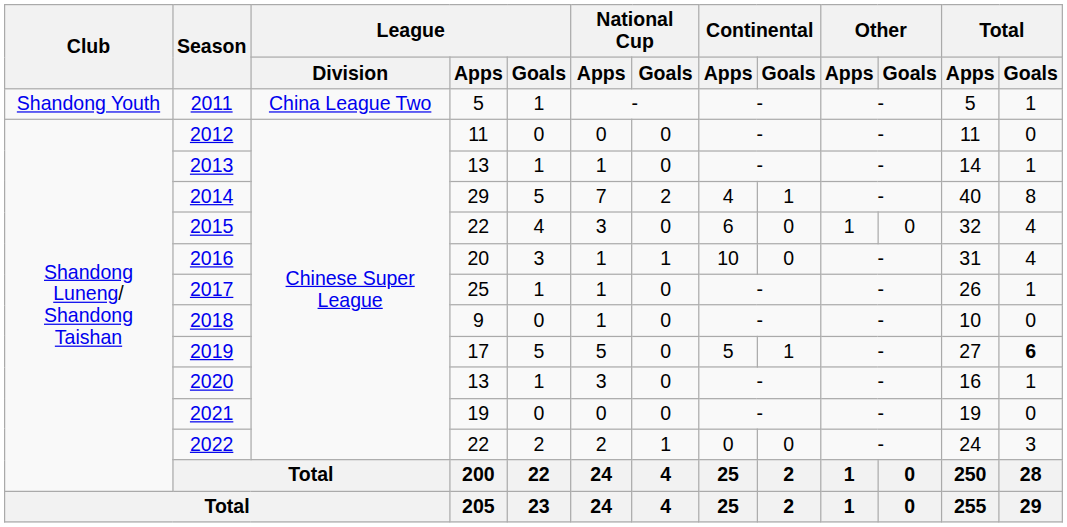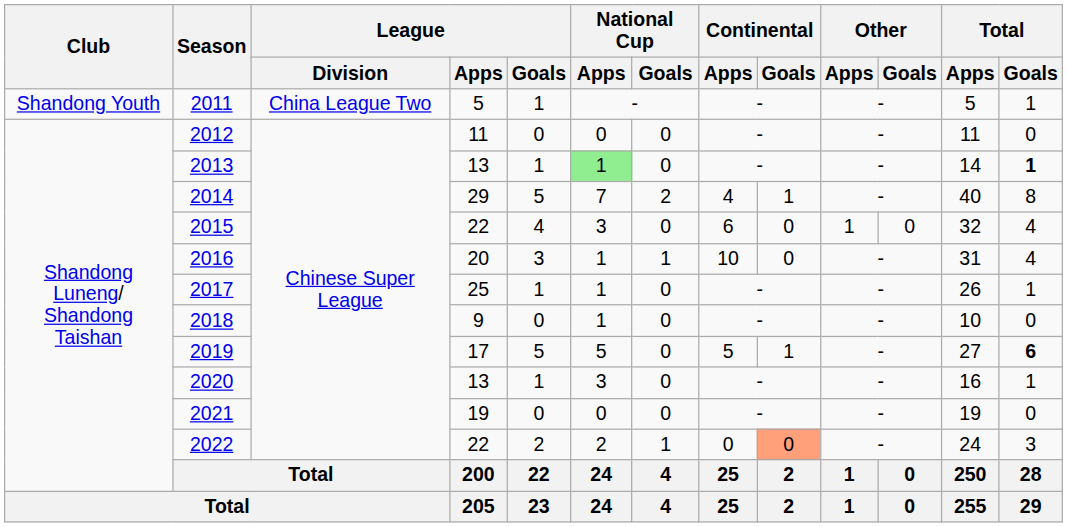 <table class="wikitable" style="text-align: center">
 <tr>
 <th rowspan="2">Club</th>
 <th rowspan="2">Season</th>
 <th colspan="3">League</th>
 <th colspan="2">National Cup</th>
 <th colspan="2">Continental</th>
 <th colspan="2">Other</th>
 <th colspan="2">Total</th>
 </tr>
 <tr>
 <th>Division</th>
 <th>Apps</th>
 <th>Goals</th>
 <th>Apps</th>
 <th>Goals</th>
 <th>Apps</th>
 <th>Goals</th>
 <th>Apps</th>
 <th>Goals</th>
 <th>Apps</th>
 <th>Goals</th>
 </tr>
 <tr>
 <td><a href='#'>Shandong Youth</a></td>
 <td><a href='#'>2011</a></td>
 <td><a href='#'>China League Two</a></td>
 <td>5</td>
 <td>1</td>
 <td colspan="2">-</td>
 <td colspan="2">-</td>
 <td colspan="2">-</td>
 <td>5</td>
 <td>1</td>
 </tr>
 <tr>
 <td rowspan=12><a href='#'>Shandong Luneng</a>/<br><a href='#'>Shandong Taishan</a></td>
 <td><a href='#'>2012</a></td>
 <td rowspan=11><a href='#'>Chinese Super League</a></td>
 <td>11</td>
 <td>0</td>
 <td>0</td>
 <td>0</td>
 <td colspan="2">-</td>
 <td colspan="2">-</td>
 <td>11</td>
 <td>0</td>
 </tr>
 <tr>
 <td><a href='#'>2013</a></td>
 <td>13</td>
 <td>1</td>
-<td>1</td>
+<td style="background: lightgreen;">1</td>
 <td>0</td>
 <td colspan="2">-</td>
 <td colspan="2">-</td>
 <td>14</td>
-<td>1</td>
+<td><strong>1</strong></td>
 </tr>
 <tr>
 <td><a href='#'>2014</a></td>
 <td>29</td>
 <td>5</td>
 <td>7</td>
 <td>2</td>
 <td>4</td>
 <td>1</td>
 <td colspan="2">-</td>
 <td>40</td>
 <td>8</td>
 </tr>
 <tr>
 <td><a href='#'>2015</a></td>
 <td>22</td>
 <td>4</td>
 <td>3</td>
 <td>0</td>
 <td>6</td>
 <td>0</td>
 <td>1</td>
 <td>0</td>
 <td>32</td>
 <td>4</td>
 </tr>
 <tr>
 <td><a href='#'>2016</a></td>
 <td>20</td>
 <td>3</td>
 <td>1</td>
 <td>1</td>
 <td>10</td>
 <td>0</td>
 <td colspan="2">-</td>
 <td>31</td>
 <td>4</td>
 </tr>
 <tr>
 <td><a href='#'>2017</a></td>
 <td>25</td>
 <td>1</td>
 <td>1</td>
 <td>0</td>
 <td colspan="2">-</td>
 <td colspan="2">-</td>
 <td>26</td>
 <td>1</td>
 </tr>
 <tr>
 <td><a href='#'>2018</a></td>
 <td>9</td>
 <td>0</td>
 <td>1</td>
 <td>0</td>
 <td colspan="2">-</td>
 <td colspan="2">-</td>
 <td>10</td>
 <td>0</td>
 </tr>
 <tr>
 <td><a href='#'>2019</a></td>
 <td>17</td>
 <td>5</td>
 <td>5</td>
 <td>0</td>
 <td>5</td>
 <td>1</td>
 <td colspan="2">-</td>
 <td>27</td>
 <td><strong>6</strong></td>
 </tr>
 <tr>
 <td><a href='#'>2020</a></td>
 <td>13</td>
 <td>1</td>
 <td>3</td>
 <td>0</td>
 <td colspan="2">-</td>
 <td colspan="2">-</td>
 <td>16</td>
 <td>1</td>
 </tr>
 <tr>
 <td><a href='#'>2021</a></td>
 <td>19</td>
 <td>0</td>
 <td>0</td>
 <td>0</td>
 <td colspan="2">-</td>
 <td colspan="2">-</td>
 <td>19</td>
 <td>0</td>
 </tr>
 <tr>
 <td><a href='#'>2022</a></td>
 <td>22</td>
 <td>2</td>
 <td>2</td>
 <td>1</td>
 <td>0</td>
-<td>0</td>
+<td style="background: lightsalmon;">0</td>
 <td colspan="2">-</td>
 <td>24</td>
 <td>3</td>
 </tr>
 <tr>
 <th colspan=2>Total</th>
 <th>200</th>
 <th>22</th>
 <th>24</th>
 <th>4</th>
 <th>25</th>
 <th>2</th>
 <th>1</th>
 <th>0</th>
 <th>250</th>
 <th>28</th>
 </tr>
 <tr>
 <th colspan=3>Total</th>
 <th>205</th>
 <th>23</th>
 <th>24</th>
 <th>4</th>
 <th>25</th>
 <th>2</th>
 <th>1</th>
 <th>0</th>
 <th>255</th>
 <th>29</th>
 </tr>
 </table>
